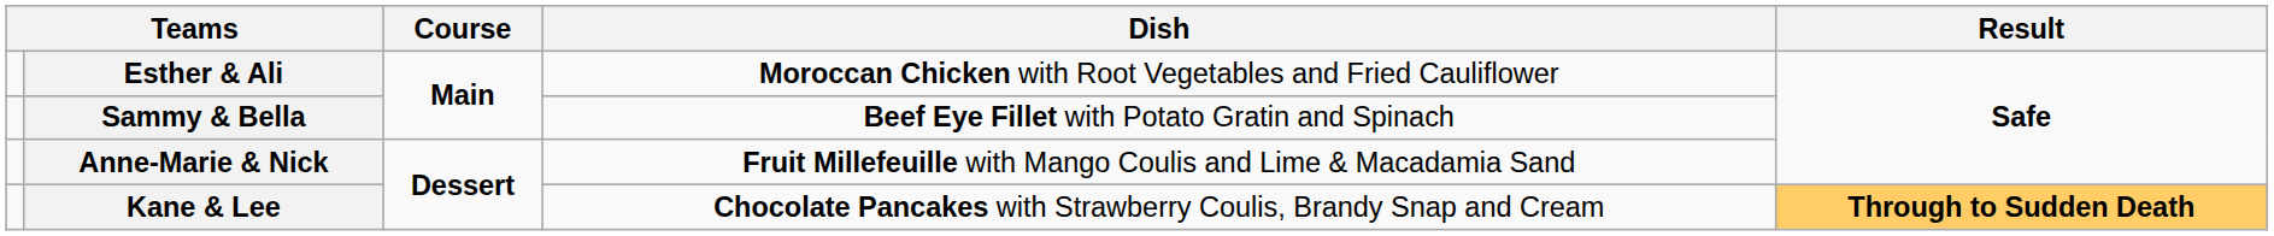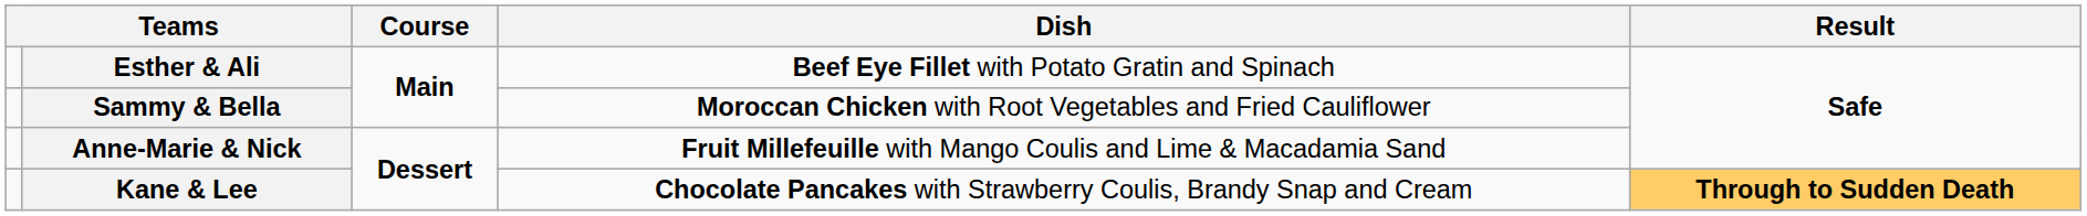 <table class="wikitable plainrowheaders" style="text-align:center; font-size:90%; width:80em; margin:1em auto;">
 <tr>
 <th colspan="2">Teams</th>
 <th>Course</th>
 <th>Dish</th>
 <th>Result</th>
 </tr>
 <tr>
 <td></td>
 <th>Esther & Ali</th>
 <td rowspan=2><strong>Main</strong></td>
-<td><strong>Moroccan Chicken</strong> with Root Vegetables and Fried Cauliflower</td>
+<td><strong>Beef Eye Fillet</strong> with Potato Gratin and Spinach</td>
 <td align=centre rowspan=3><strong>Safe</strong></td>
 </tr>
 <tr>
 <td></td>
 <th>Sammy & Bella</th>
-<td><strong>Beef Eye Fillet</strong> with Potato Gratin and Spinach</td>
+<td><strong>Moroccan Chicken</strong> with Root Vegetables and Fried Cauliflower</td>
 </tr>
 <tr>
 <td></td>
 <th>Anne-Marie & Nick</th>
 <td rowspan=2><strong>Dessert </strong></td>
 <td><strong>Fruit Millefeuille</strong> with Mango Coulis and Lime & Macadamia Sand</td>
 </tr>
 <tr>
 <td></td>
 <th>Kane & Lee</th>
 <td><strong>Chocolate Pancakes </strong>with Strawberry Coulis, Brandy Snap and Cream</td>
 <td align=centre bgcolor=#FFCC66><strong>Through to Sudden Death</strong></td>
 </tr>
 </table>
